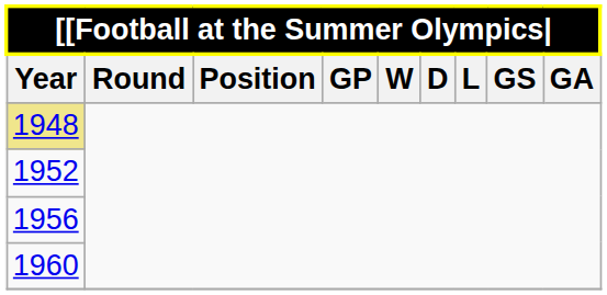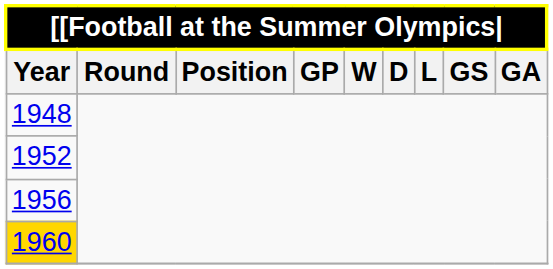 <table class="wikitable" style="text-align: centre;">
 <tr>
 <th colspan=9 style="background: #000000; color: #FFFFFF; border:2px solid #FFFF00;">[[Football at the Summer Olympics|</th>
 </tr>
 <tr>
 <th>Year</th>
 <th>Round</th>
 <th>Position</th>
 <th>GP</th>
 <th>W</th>
 <th>D</th>
 <th>L</th>
 <th>GS</th>
 <th>GA</th>
 </tr>
 <tr>
-<td style="background: khaki;"> <a href='#'>1948</a></td>
+<td> <a href='#'>1948</a></td>
 <td rowspan="4" colspan="8"></td>
 </tr>
 <tr>
 <td> <a href='#'>1952</a></td>
 </tr>
 <tr>
 <td> <a href='#'>1956</a></td>
 </tr>
 <tr>
-<td> <a href='#'>1960</a></td>
+<td style="background: gold;"> <a href='#'>1960</a></td>
 </tr>
 <tr>
 </tr>
 </table>
